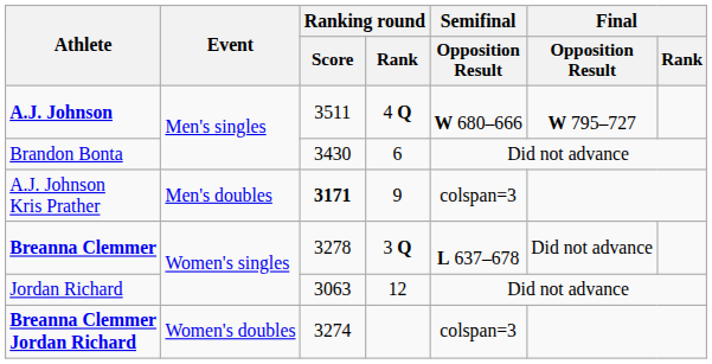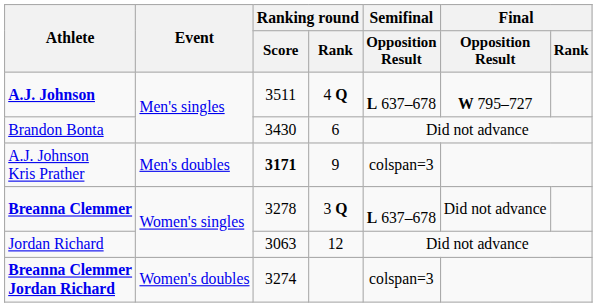 <table class=wikitable style=font-size:90%;text-align:center>
 <tr>
 <th rowspan=2>Athlete</th>
 <th rowspan=2>Event</th>
 <th colspan=2>Ranking round</th>
 <th>Semifinal</th>
 <th colspan=2>Final</th>
 </tr>
 <tr style=font-size:95%>
 <th>Score</th>
 <th>Rank</th>
 <th>Opposition<br>Result</th>
 <th>Opposition<br>Result</th>
 <th>Rank</th>
 </tr>
 <tr>
 <td align=left><strong><a href='#'>A.J. Johnson</a></strong></td>
 <td align=left rowspan=2><a href='#'>Men's singles</a></td>
 <td>3511</td>
 <td>4 <strong>Q</strong></td>
-<td><br><strong>W</strong> 680–666</td>
+<td><br><strong>L</strong> 637–678</td>
 <td><br><strong>W</strong> 795–727</td>
 <td></td>
 </tr>
 <tr>
 <td align=left><a href='#'>Brandon Bonta</a></td>
 <td>3430</td>
 <td>6</td>
 <td colspan=3>Did not advance</td>
 </tr>
 <tr>
 <td align=left><a href='#'>A.J. Johnson</a><br><a href='#'>Kris Prather</a></td>
 <td align=left><a href='#'>Men's doubles</a></td>
 <td><strong>3171</strong></td>
 <td>9</td>
 <td>colspan=3 </td>
 </tr>
 <tr>
 <td align=left><strong><a href='#'>Breanna Clemmer</a></strong></td>
 <td align=left rowspan=2><a href='#'>Women's singles</a></td>
 <td>3278</td>
 <td>3 <strong>Q</strong></td>
 <td><br><strong>L</strong> 637–678</td>
 <td>Did not advance</td>
 <td></td>
 </tr>
 <tr>
 <td align=left><a href='#'>Jordan Richard</a></td>
 <td>3063</td>
 <td>12</td>
 <td colspan=3>Did not advance</td>
 </tr>
 <tr>
 <td align=left><strong><a href='#'>Breanna Clemmer</a><br><a href='#'>Jordan Richard</a></strong></td>
 <td align=left><a href='#'>Women's doubles</a></td>
 <td>3274</td>
 <td></td>
 <td>colspan=3 </td>
 </tr>
 </table>
